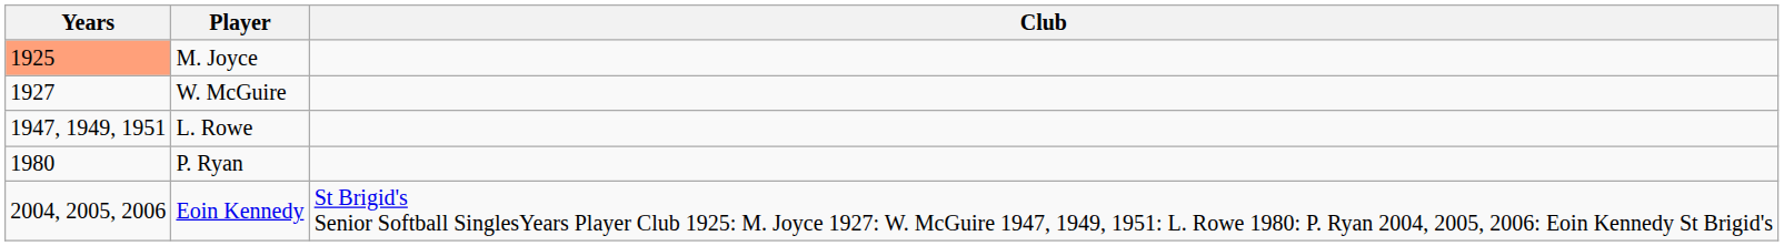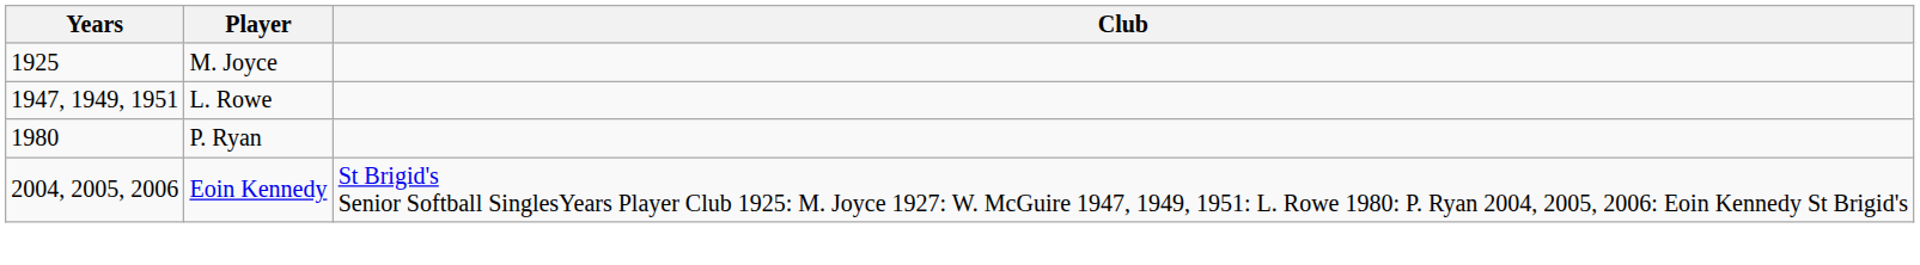 <table class="wikitable">
 <tr>
 <th>Years</th>
 <th>Player</th>
 <th>Club</th>
 </tr>
 <tr>
-<td style="background: lightsalmon;">1925</td>
+<td>1925</td>
 <td>M. Joyce</td>
-<td></td>
-</tr>
-<tr>
-<td>1927</td>
-<td>W. McGuire</td>
 <td></td>
 </tr>
 <tr>
 <td>1947, 1949, 1951</td>
 <td>L. Rowe</td>
 <td></td>
 </tr>
 <tr>
 <td>1980</td>
 <td>P. Ryan</td>
 <td></td>
 </tr>
 <tr>
 <td>2004, 2005, 2006</td>
 <td><a href='#'>Eoin Kennedy</a></td>
 <td><a href='#'>St Brigid's</a><br>Senior Softball SinglesYears Player Club 1925: M. Joyce 1927: W. McGuire 1947, 1949, 1951: L. Rowe 1980: P. Ryan 2004, 2005, 2006: Eoin Kennedy St Brigid's</td>
 </tr>
 </table>
